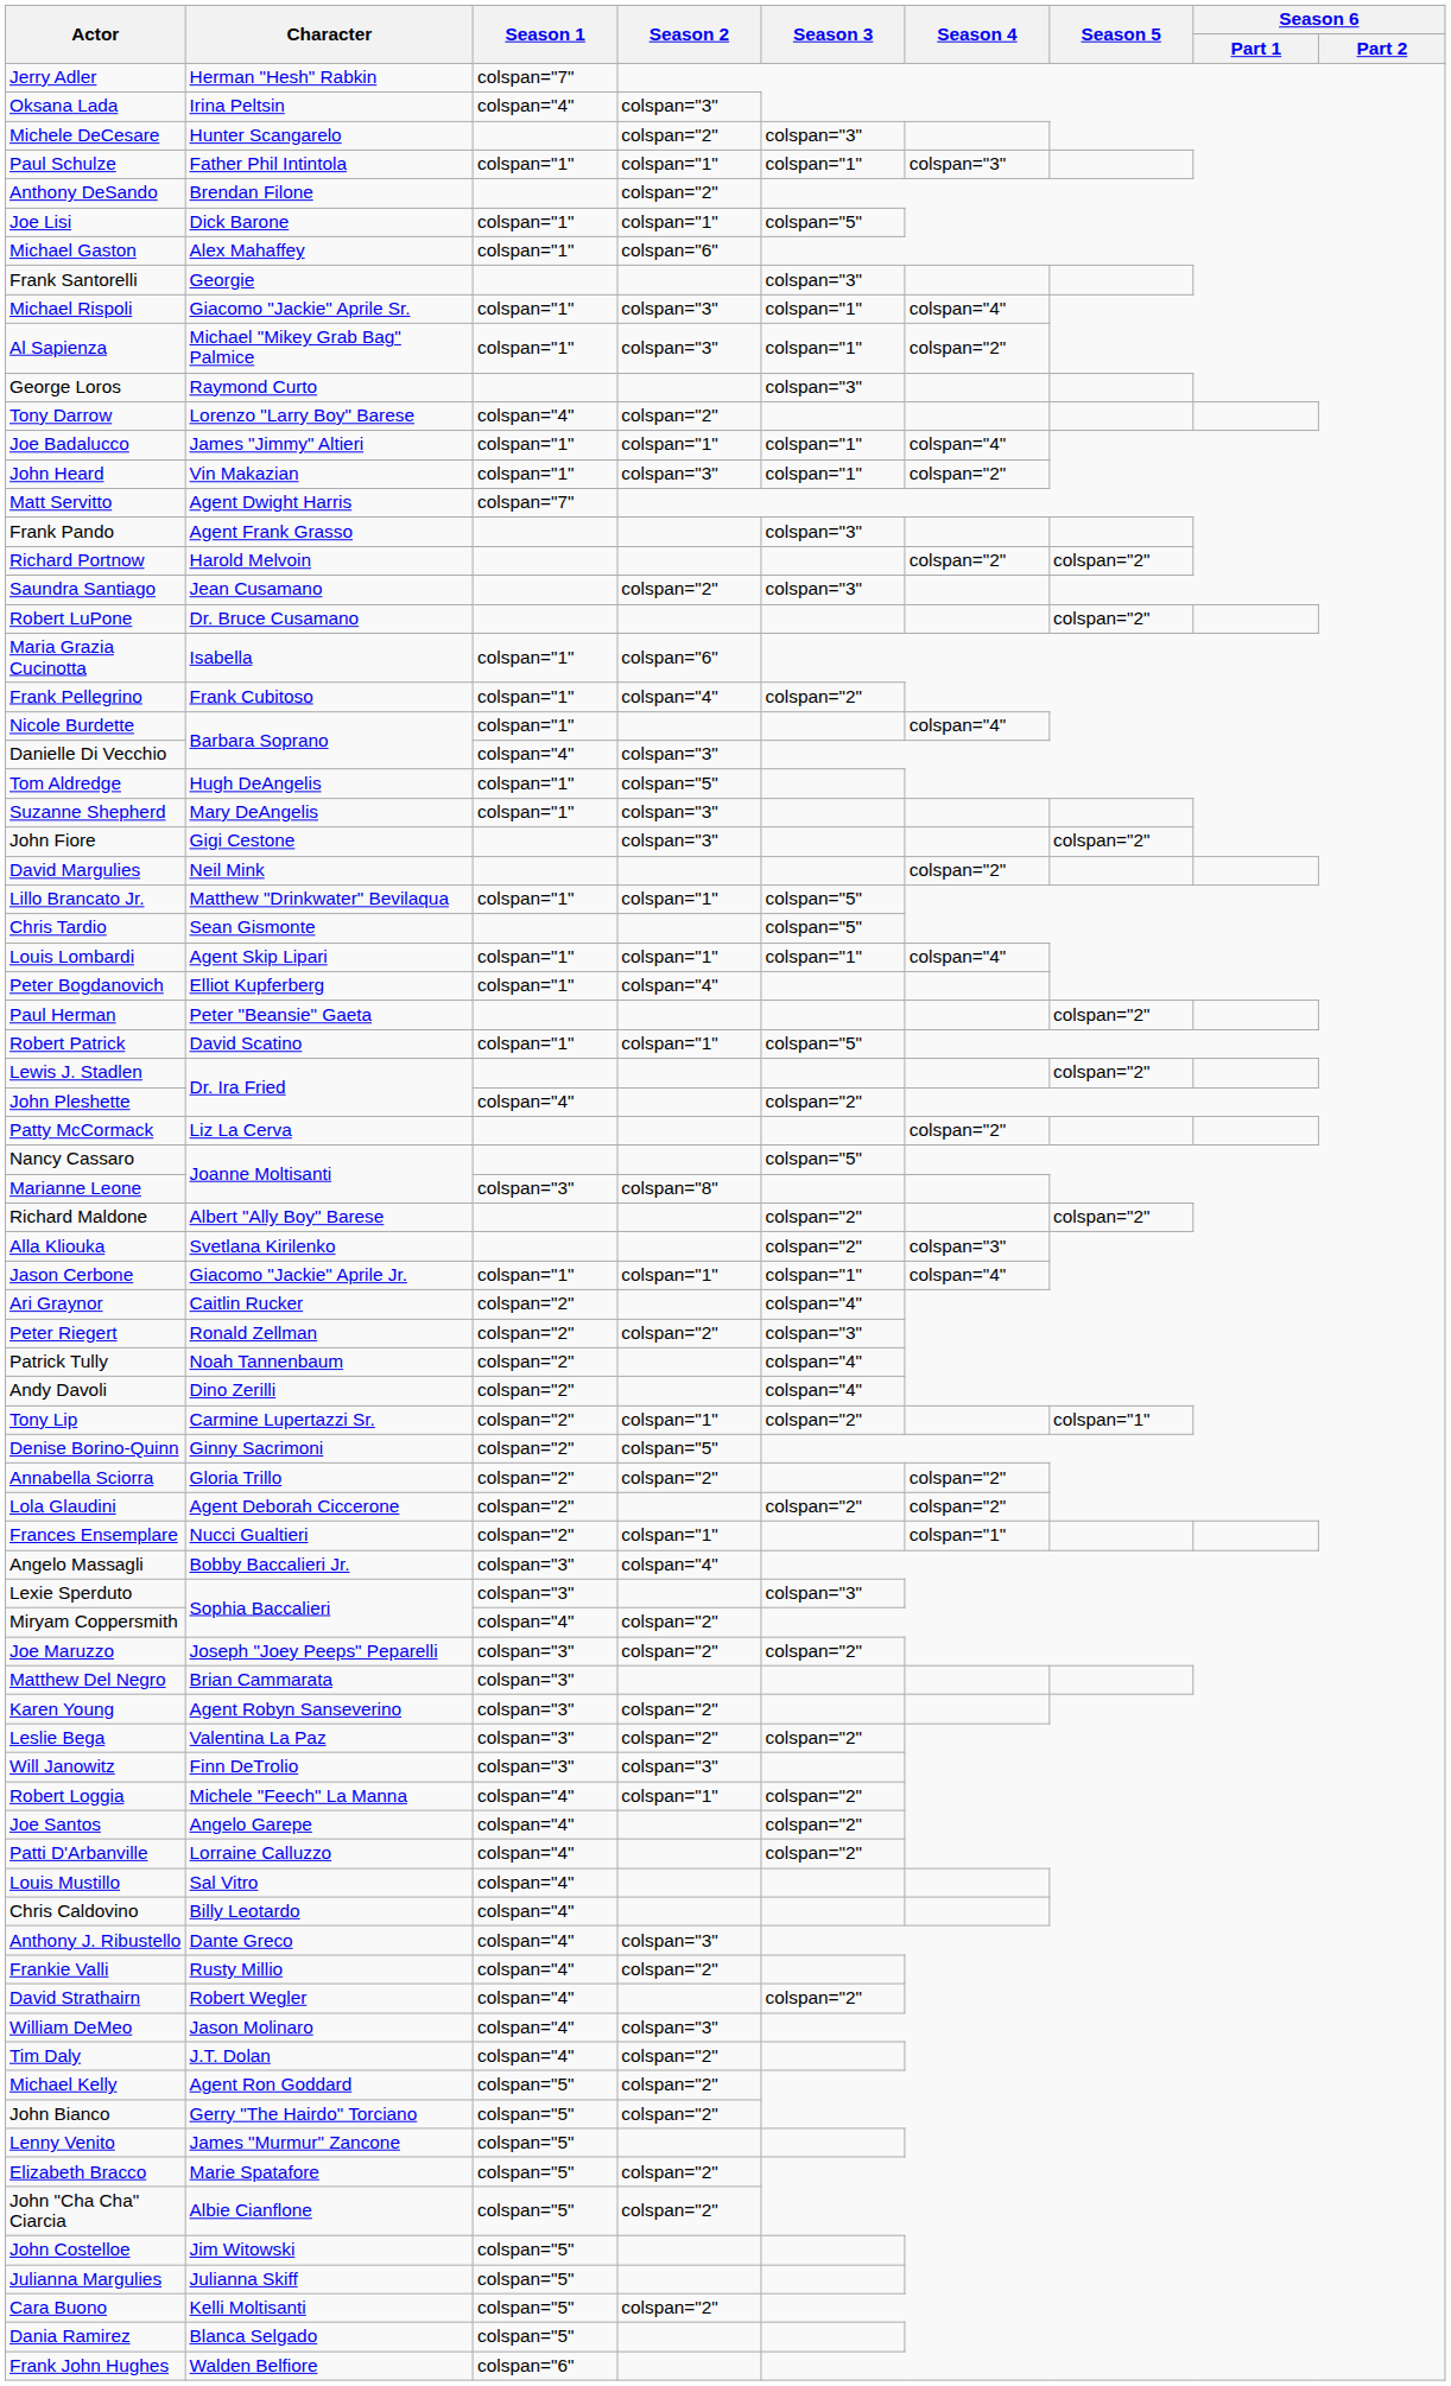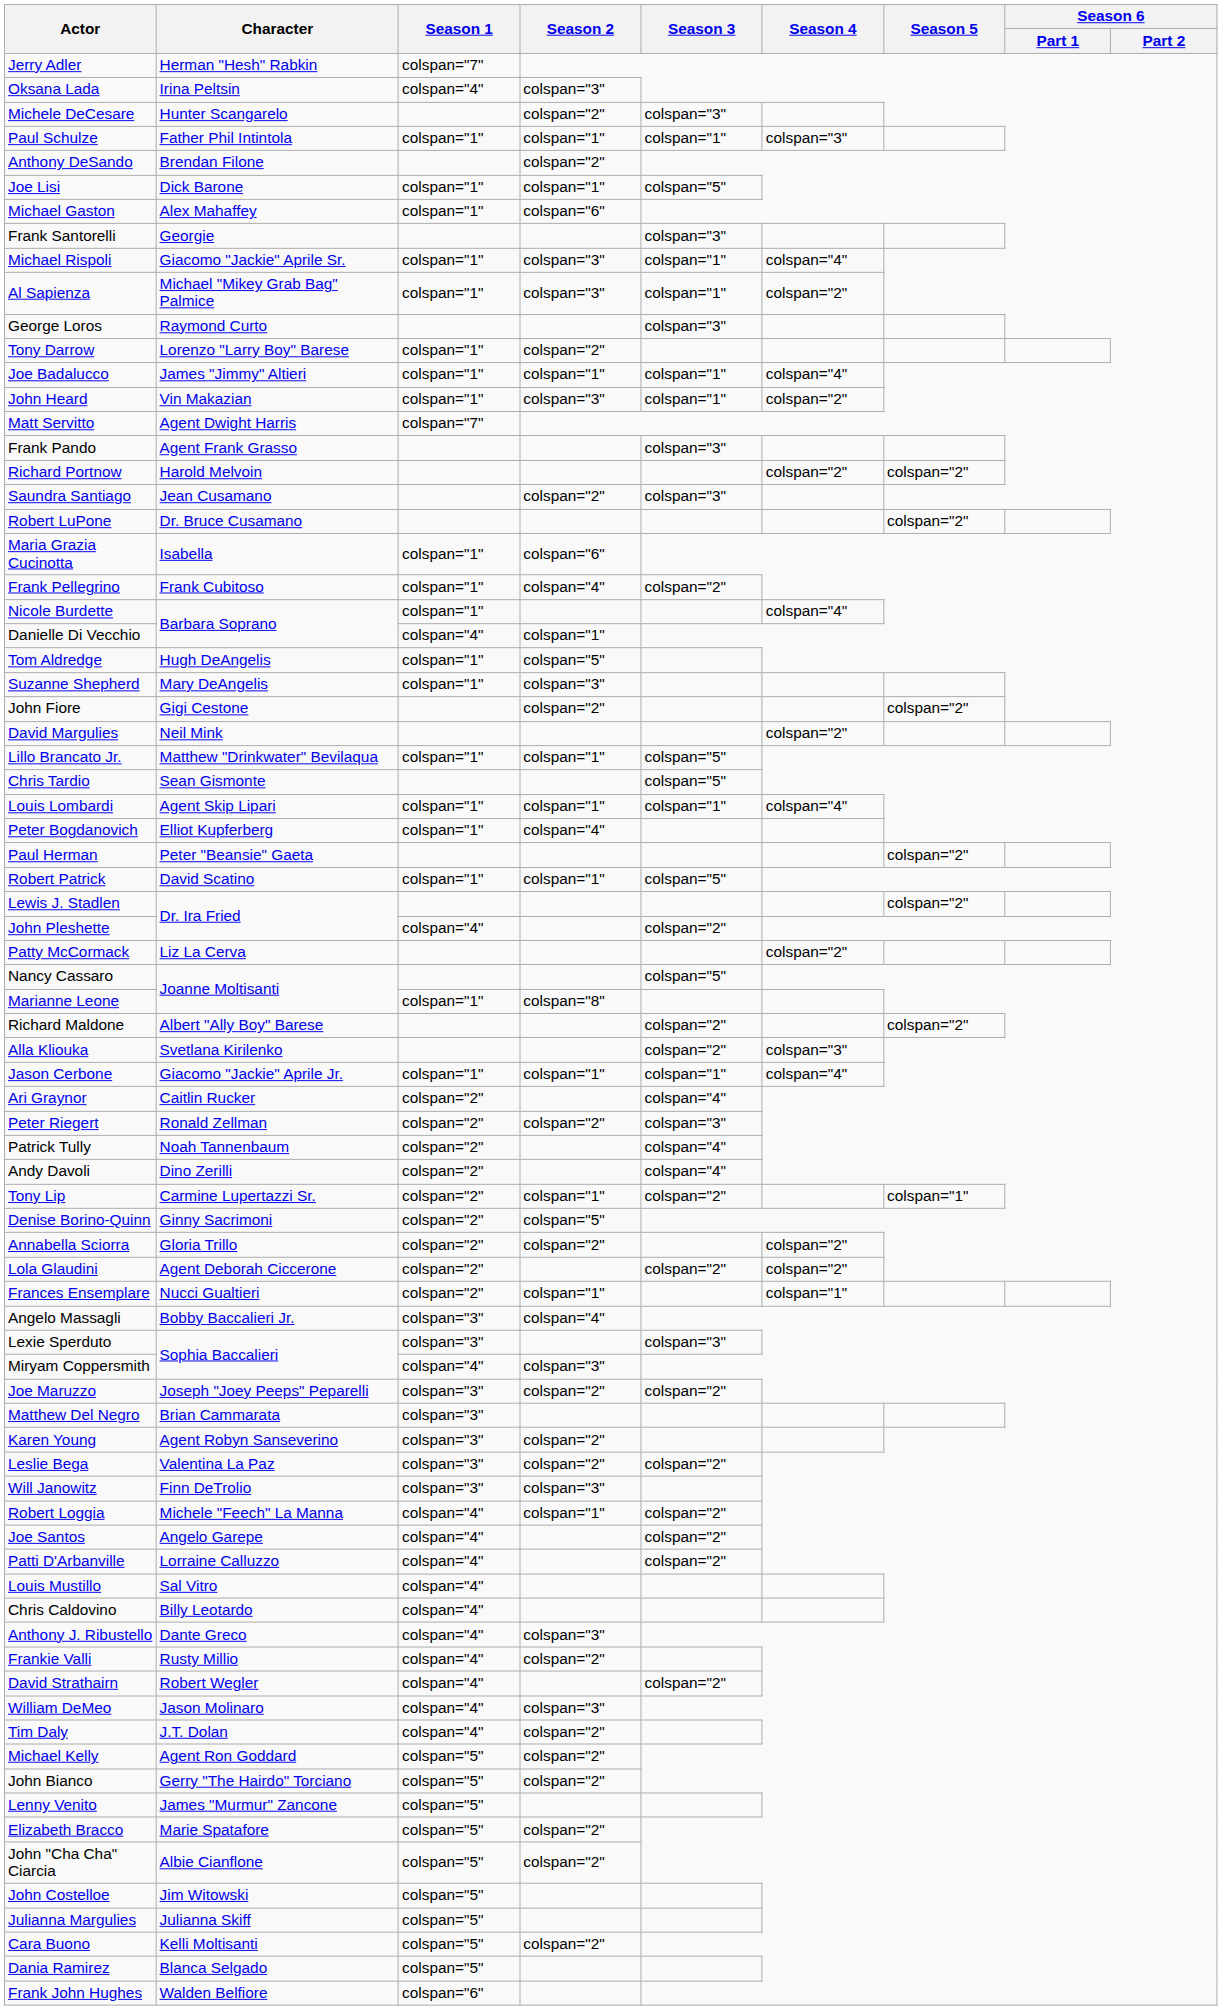 <table class="wikitable sortable mw-collapsible" width="100%">
 <tr>
 <th rowspan="2" width="10%" scope="col">Actor</th>
 <th rowspan="2" width="16%" scope="col">Character</th>
 <th rowspan="2" width="8%" scope="col"><a href='#'>Season 1</a></th>
 <th rowspan="2" width="8%" scope="col"><a href='#'>Season 2</a></th>
 <th rowspan="2" width="8%" scope="col"><a href='#'>Season 3</a></th>
 <th rowspan="2" width="8%" scope="col"><a href='#'>Season 4</a></th>
 <th rowspan="2" width="8%" scope="col"><a href='#'>Season 5</a></th>
 <th colspan="2" scope="col"><a href='#'>Season 6</a></th>
 </tr>
 <tr>
 <th width="7%" scope="col"><a href='#'>Part 1</a></th>
 <th width="7%" scope="col"><a href='#'>Part 2</a></th>
 </tr>
 <tr>
 <td><a href='#'>Jerry Adler</a></td>
 <td><a href='#'>Herman "Hesh" Rabkin</a></td>
 <td>colspan="7" </td>
 </tr>
 <tr>
 <td><a href='#'>Oksana Lada</a></td>
 <td><a href='#'>Irina Peltsin</a></td>
 <td>colspan="4" </td>
 <td>colspan="3" </td>
 </tr>
 <tr>
 <td><a href='#'>Michele DeCesare</a></td>
 <td><a href='#'>Hunter Scangarelo</a></td>
 <td></td>
 <td>colspan="2" </td>
 <td>colspan="3" </td>
 <td></td>
 </tr>
 <tr>
 <td><a href='#'>Paul Schulze</a></td>
 <td><a href='#'>Father Phil Intintola</a></td>
 <td>colspan="1" </td>
 <td>colspan="1" </td>
 <td>colspan="1" </td>
 <td>colspan="3" </td>
 <td></td>
 </tr>
 <tr>
 <td><a href='#'>Anthony DeSando</a></td>
 <td><a href='#'>Brendan Filone</a></td>
 <td></td>
 <td>colspan="2" </td>
 </tr>
 <tr>
 <td><a href='#'>Joe Lisi</a></td>
 <td><a href='#'>Dick Barone</a></td>
 <td>colspan="1" </td>
 <td>colspan="1" </td>
 <td>colspan="5" </td>
 </tr>
 <tr>
 <td><a href='#'>Michael Gaston</a></td>
 <td><a href='#'>Alex Mahaffey</a></td>
 <td>colspan="1" </td>
 <td>colspan="6" </td>
 </tr>
 <tr>
 <td>Frank Santorelli</td>
 <td><a href='#'>Georgie</a></td>
 <td></td>
 <td></td>
 <td>colspan="3" </td>
 <td></td>
 <td></td>
 </tr>
 <tr>
 <td><a href='#'>Michael Rispoli</a></td>
 <td><a href='#'>Giacomo "Jackie" Aprile Sr.</a></td>
 <td>colspan="1" </td>
 <td>colspan="3" </td>
 <td>colspan="1" </td>
 <td>colspan="4" </td>
 </tr>
 <tr>
 <td><a href='#'>Al Sapienza</a></td>
 <td><a href='#'>Michael "Mikey Grab Bag" Palmice</a></td>
 <td>colspan="1" </td>
 <td>colspan="3" </td>
 <td>colspan="1" </td>
 <td>colspan="2" </td>
 </tr>
 <tr>
 <td>George Loros</td>
 <td><a href='#'>Raymond Curto</a></td>
 <td></td>
 <td></td>
 <td>colspan="3" </td>
 <td></td>
 <td></td>
 </tr>
 <tr>
 <td><a href='#'>Tony Darrow</a></td>
 <td><a href='#'>Lorenzo "Larry Boy" Barese</a></td>
-<td>colspan="4" </td>
+<td>colspan="1" </td>
 <td>colspan="2" </td>
 <td></td>
 <td></td>
 <td></td>
 <td></td>
 </tr>
 <tr>
 <td><a href='#'>Joe Badalucco</a></td>
 <td><a href='#'>James "Jimmy" Altieri</a></td>
 <td>colspan="1" </td>
 <td>colspan="1" </td>
 <td>colspan="1" </td>
 <td>colspan="4" </td>
 </tr>
 <tr>
 <td><a href='#'>John Heard</a></td>
 <td><a href='#'>Vin Makazian</a></td>
 <td>colspan="1" </td>
 <td>colspan="3" </td>
 <td>colspan="1" </td>
 <td>colspan="2" </td>
 </tr>
 <tr>
 <td><a href='#'>Matt Servitto</a></td>
 <td><a href='#'>Agent Dwight Harris</a></td>
 <td>colspan="7" </td>
 </tr>
 <tr>
 <td>Frank Pando</td>
 <td><a href='#'>Agent Frank Grasso</a></td>
 <td></td>
 <td></td>
 <td>colspan="3" </td>
 <td></td>
 <td></td>
 </tr>
 <tr>
 <td><a href='#'>Richard Portnow</a></td>
 <td><a href='#'>Harold Melvoin</a></td>
 <td></td>
 <td></td>
 <td></td>
 <td>colspan="2" </td>
 <td>colspan="2" </td>
 </tr>
 <tr>
 <td><a href='#'>Saundra Santiago</a></td>
 <td><a href='#'>Jean Cusamano</a></td>
 <td></td>
 <td>colspan="2" </td>
 <td>colspan="3" </td>
 <td></td>
 </tr>
 <tr>
 <td><a href='#'>Robert LuPone</a></td>
 <td><a href='#'>Dr. Bruce Cusamano</a></td>
 <td></td>
 <td></td>
 <td></td>
 <td></td>
 <td>colspan="2" </td>
 <td></td>
 </tr>
 <tr>
 <td><a href='#'>Maria Grazia Cucinotta</a></td>
 <td><a href='#'>Isabella</a></td>
 <td>colspan="1" </td>
 <td>colspan="6" </td>
 </tr>
 <tr>
 <td><a href='#'>Frank Pellegrino</a></td>
 <td><a href='#'>Frank Cubitoso</a></td>
 <td>colspan="1" </td>
 <td>colspan="4" </td>
 <td>colspan="2" </td>
 </tr>
 <tr>
 <td><a href='#'>Nicole Burdette</a></td>
 <td rowspan="2"><a href='#'>Barbara Soprano</a></td>
 <td>colspan="1" </td>
 <td></td>
 <td></td>
 <td>colspan="4" </td>
 </tr>
 <tr>
 <td>Danielle Di Vecchio</td>
 <td>colspan="4" </td>
-<td>colspan="3" </td>
+<td>colspan="1" </td>
 </tr>
 <tr>
 <td><a href='#'>Tom Aldredge</a></td>
 <td><a href='#'>Hugh DeAngelis</a></td>
 <td>colspan="1" </td>
 <td>colspan="5" </td>
 <td></td>
 </tr>
 <tr>
 <td><a href='#'>Suzanne Shepherd</a></td>
 <td><a href='#'>Mary DeAngelis</a></td>
 <td>colspan="1" </td>
 <td>colspan="3" </td>
 <td></td>
 <td></td>
 <td></td>
 </tr>
 <tr>
 <td>John Fiore</td>
 <td><a href='#'>Gigi Cestone</a></td>
 <td></td>
-<td>colspan="3" </td>
+<td>colspan="2" </td>
 <td></td>
 <td></td>
 <td>colspan="2" </td>
 </tr>
 <tr>
 <td><a href='#'>David Margulies</a></td>
 <td><a href='#'>Neil Mink</a></td>
 <td></td>
 <td></td>
 <td></td>
 <td>colspan="2" </td>
 <td></td>
 <td></td>
 </tr>
 <tr>
 <td><a href='#'>Lillo Brancato Jr.</a></td>
 <td><a href='#'>Matthew "Drinkwater" Bevilaqua</a></td>
 <td>colspan="1" </td>
 <td>colspan="1" </td>
 <td>colspan="5" </td>
 </tr>
 <tr>
 <td><a href='#'>Chris Tardio</a></td>
 <td><a href='#'>Sean Gismonte</a></td>
 <td></td>
 <td></td>
 <td>colspan="5" </td>
 </tr>
 <tr>
 <td><a href='#'>Louis Lombardi</a></td>
 <td><a href='#'>Agent Skip Lipari</a></td>
 <td>colspan="1" </td>
 <td>colspan="1" </td>
 <td>colspan="1" </td>
 <td>colspan="4" </td>
 </tr>
 <tr>
 <td><a href='#'>Peter Bogdanovich</a></td>
 <td><a href='#'>Elliot Kupferberg</a></td>
 <td>colspan="1" </td>
 <td>colspan="4" </td>
 <td></td>
 <td></td>
 </tr>
 <tr>
 <td><a href='#'>Paul Herman</a></td>
 <td><a href='#'>Peter "Beansie" Gaeta</a></td>
 <td></td>
 <td></td>
 <td></td>
 <td></td>
 <td>colspan="2" </td>
 <td></td>
 </tr>
 <tr>
 <td><a href='#'>Robert Patrick</a></td>
 <td><a href='#'>David Scatino</a></td>
 <td>colspan="1" </td>
 <td>colspan="1" </td>
 <td>colspan="5" </td>
 </tr>
 <tr>
 <td><a href='#'>Lewis J. Stadlen</a></td>
 <td rowspan="2"><a href='#'>Dr. Ira Fried</a></td>
 <td></td>
 <td></td>
 <td></td>
 <td></td>
 <td>colspan="2" </td>
 <td></td>
 </tr>
 <tr>
 <td><a href='#'>John Pleshette</a></td>
 <td>colspan="4" </td>
 <td></td>
 <td>colspan="2" </td>
 </tr>
 <tr>
 <td><a href='#'>Patty McCormack</a></td>
 <td><a href='#'>Liz La Cerva</a></td>
 <td></td>
 <td></td>
 <td></td>
 <td>colspan="2" </td>
 <td></td>
 <td></td>
 </tr>
 <tr>
 <td>Nancy Cassaro</td>
 <td rowspan="2"><a href='#'>Joanne Moltisanti</a></td>
 <td></td>
 <td></td>
 <td>colspan="5" </td>
 </tr>
 <tr>
 <td><a href='#'>Marianne Leone</a></td>
-<td>colspan="3" </td>
+<td>colspan="1" </td>
 <td>colspan="8" </td>
 <td></td>
 <td></td>
 </tr>
 <tr>
 <td>Richard Maldone</td>
 <td><a href='#'>Albert "Ally Boy" Barese</a></td>
 <td></td>
 <td></td>
 <td>colspan="2" </td>
 <td></td>
 <td>colspan="2" </td>
 </tr>
 <tr>
 <td><a href='#'>Alla Kliouka</a></td>
 <td><a href='#'>Svetlana Kirilenko</a></td>
 <td></td>
 <td></td>
 <td>colspan="2" </td>
 <td>colspan="3" </td>
 </tr>
 <tr>
 <td><a href='#'>Jason Cerbone</a></td>
 <td><a href='#'>Giacomo "Jackie" Aprile Jr.</a></td>
 <td>colspan="1" </td>
 <td>colspan="1" </td>
 <td>colspan="1" </td>
 <td>colspan="4" </td>
 </tr>
 <tr>
 <td><a href='#'>Ari Graynor</a></td>
 <td><a href='#'>Caitlin Rucker</a></td>
 <td>colspan="2" </td>
 <td></td>
 <td>colspan="4" </td>
 </tr>
 <tr>
 <td><a href='#'>Peter Riegert</a></td>
 <td><a href='#'>Ronald Zellman</a></td>
 <td>colspan="2" </td>
 <td>colspan="2" </td>
 <td>colspan="3" </td>
 </tr>
 <tr>
 <td>Patrick Tully</td>
 <td><a href='#'>Noah Tannenbaum</a></td>
 <td>colspan="2" </td>
 <td></td>
 <td>colspan="4" </td>
 </tr>
 <tr>
 <td>Andy Davoli</td>
 <td><a href='#'>Dino Zerilli</a></td>
 <td>colspan="2" </td>
 <td></td>
 <td>colspan="4" </td>
 </tr>
 <tr>
 <td><a href='#'>Tony Lip</a></td>
 <td><a href='#'>Carmine Lupertazzi Sr.</a></td>
 <td>colspan="2" </td>
 <td>colspan="1" </td>
 <td>colspan="2" </td>
 <td></td>
 <td>colspan="1" </td>
 </tr>
 <tr>
 <td><a href='#'>Denise Borino-Quinn</a></td>
 <td><a href='#'>Ginny Sacrimoni</a></td>
 <td>colspan="2" </td>
 <td>colspan="5" </td>
 </tr>
 <tr>
 <td><a href='#'>Annabella Sciorra</a></td>
 <td><a href='#'>Gloria Trillo</a></td>
 <td>colspan="2" </td>
 <td>colspan="2" </td>
 <td></td>
 <td>colspan="2" </td>
 </tr>
 <tr>
 <td><a href='#'>Lola Glaudini</a></td>
 <td><a href='#'>Agent Deborah Ciccerone</a></td>
 <td>colspan="2" </td>
 <td></td>
 <td>colspan="2" </td>
 <td>colspan="2" </td>
 </tr>
 <tr>
 <td><a href='#'>Frances Ensemplare</a></td>
 <td><a href='#'>Nucci Gualtieri</a></td>
 <td>colspan="2" </td>
 <td>colspan="1" </td>
 <td></td>
 <td>colspan="1" </td>
 <td></td>
 <td></td>
 </tr>
 <tr>
 <td>Angelo Massagli</td>
 <td><a href='#'>Bobby Baccalieri Jr.</a></td>
 <td>colspan="3" </td>
 <td>colspan="4" </td>
 </tr>
 <tr>
 <td>Lexie Sperduto</td>
 <td rowspan="2"><a href='#'>Sophia Baccalieri</a></td>
 <td>colspan="3" </td>
 <td></td>
 <td>colspan="3" </td>
 </tr>
 <tr>
 <td>Miryam Coppersmith</td>
 <td>colspan="4" </td>
-<td>colspan="2" </td>
+<td>colspan="3" </td>
 </tr>
 <tr>
 <td><a href='#'>Joe Maruzzo</a></td>
 <td><a href='#'>Joseph "Joey Peeps" Peparelli</a></td>
 <td>colspan="3" </td>
 <td>colspan="2" </td>
 <td>colspan="2" </td>
 </tr>
 <tr>
 <td><a href='#'>Matthew Del Negro</a></td>
 <td><a href='#'>Brian Cammarata</a></td>
 <td>colspan="3" </td>
 <td></td>
 <td></td>
 <td></td>
 <td></td>
 </tr>
 <tr>
 <td><a href='#'>Karen Young</a></td>
 <td><a href='#'>Agent Robyn Sanseverino</a></td>
 <td>colspan="3" </td>
 <td>colspan="2" </td>
 <td></td>
 <td></td>
 </tr>
 <tr>
 <td><a href='#'>Leslie Bega</a></td>
 <td><a href='#'>Valentina La Paz</a></td>
 <td>colspan="3" </td>
 <td>colspan="2" </td>
 <td>colspan="2" </td>
 </tr>
 <tr>
 <td><a href='#'>Will Janowitz</a></td>
 <td><a href='#'>Finn DeTrolio</a></td>
 <td>colspan="3" </td>
 <td>colspan="3" </td>
 <td></td>
 </tr>
 <tr>
 <td><a href='#'>Robert Loggia</a></td>
 <td><a href='#'>Michele "Feech" La Manna</a></td>
 <td>colspan="4" </td>
 <td>colspan="1" </td>
 <td>colspan="2" </td>
 </tr>
 <tr>
 <td><a href='#'>Joe Santos</a></td>
 <td><a href='#'>Angelo Garepe</a></td>
 <td>colspan="4" </td>
 <td></td>
 <td>colspan="2" </td>
 </tr>
 <tr>
 <td><a href='#'>Patti D'Arbanville</a></td>
 <td><a href='#'>Lorraine Calluzzo</a></td>
 <td>colspan="4" </td>
 <td></td>
 <td>colspan="2" </td>
 </tr>
 <tr>
 <td><a href='#'>Louis Mustillo</a></td>
 <td><a href='#'>Sal Vitro</a></td>
 <td>colspan="4" </td>
 <td></td>
 <td></td>
 <td></td>
 </tr>
 <tr>
 <td>Chris Caldovino</td>
 <td><a href='#'>Billy Leotardo</a></td>
 <td>colspan="4" </td>
 <td></td>
 <td></td>
 <td></td>
 </tr>
 <tr>
 <td><a href='#'>Anthony J. Ribustello</a></td>
 <td><a href='#'>Dante Greco</a></td>
 <td>colspan="4" </td>
 <td>colspan="3" </td>
 </tr>
 <tr>
 <td><a href='#'>Frankie Valli</a></td>
 <td><a href='#'>Rusty Millio</a></td>
 <td>colspan="4" </td>
 <td>colspan="2" </td>
 <td></td>
 </tr>
 <tr>
 <td><a href='#'>David Strathairn</a></td>
 <td><a href='#'>Robert Wegler</a></td>
 <td>colspan="4" </td>
 <td></td>
 <td>colspan="2" </td>
 </tr>
 <tr>
 <td><a href='#'>William DeMeo</a></td>
 <td><a href='#'>Jason Molinaro</a></td>
 <td>colspan="4" </td>
 <td>colspan="3" </td>
 </tr>
 <tr>
 <td><a href='#'>Tim Daly</a></td>
 <td><a href='#'>J.T. Dolan</a></td>
 <td>colspan="4" </td>
 <td>colspan="2" </td>
 <td></td>
 </tr>
 <tr>
 <td><a href='#'>Michael Kelly</a></td>
 <td><a href='#'>Agent Ron Goddard</a></td>
 <td>colspan="5" </td>
 <td>colspan="2" </td>
 </tr>
 <tr>
 <td>John Bianco</td>
 <td><a href='#'>Gerry "The Hairdo" Torciano</a></td>
 <td>colspan="5" </td>
 <td>colspan="2" </td>
 </tr>
 <tr>
 <td><a href='#'>Lenny Venito</a></td>
 <td><a href='#'>James "Murmur" Zancone</a></td>
 <td>colspan="5" </td>
 <td></td>
 <td></td>
 </tr>
 <tr>
 <td><a href='#'>Elizabeth Bracco</a></td>
 <td><a href='#'>Marie Spatafore</a></td>
 <td>colspan="5" </td>
 <td>colspan="2" </td>
 </tr>
 <tr>
 <td>John "Cha Cha" Ciarcia</td>
 <td><a href='#'>Albie Cianflone</a></td>
 <td>colspan="5" </td>
 <td>colspan="2" </td>
 </tr>
 <tr>
 <td><a href='#'>John Costelloe</a></td>
 <td><a href='#'>Jim Witowski</a></td>
 <td>colspan="5" </td>
 <td></td>
 <td></td>
 </tr>
 <tr>
 <td><a href='#'>Julianna Margulies</a></td>
 <td><a href='#'>Julianna Skiff</a></td>
 <td>colspan="5" </td>
 <td></td>
 <td></td>
 </tr>
 <tr>
 <td><a href='#'>Cara Buono</a></td>
 <td><a href='#'>Kelli Moltisanti</a></td>
 <td>colspan="5" </td>
 <td>colspan="2" </td>
 </tr>
 <tr>
 <td><a href='#'>Dania Ramirez</a></td>
 <td><a href='#'>Blanca Selgado</a></td>
 <td>colspan="5" </td>
 <td></td>
 <td></td>
 </tr>
 <tr>
 <td><a href='#'>Frank John Hughes</a></td>
 <td><a href='#'>Walden Belfiore</a></td>
 <td>colspan="6" </td>
 <td></td>
 </tr>
 </table>
